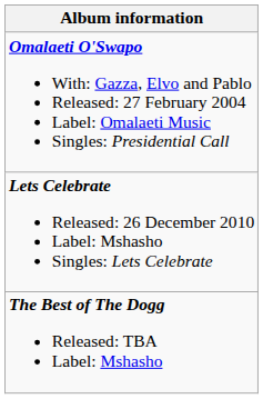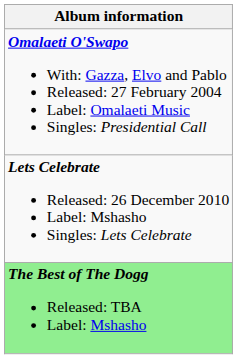 <table class="wikitable">
 <tr>
 <th align="left">Album information</th>
 </tr>
 <tr>
 <td align="left"><strong><em><a href='#'>Omalaeti O'Swapo</a></em></strong><br><ul><li>With: <a href='#'>Gazza</a>, <a href='#'>Elvo</a> and Pablo</li><li>Released: 27 February 2004</li><li>Label: <a href='#'>Omalaeti Music</a></li><li>Singles: <em>Presidential Call</em></li></ul></td>
 </tr>
 <tr>
 <td align="left"><strong><em>Lets Celebrate</em></strong><br><ul><li>Released: 26 December 2010</li><li>Label: Mshasho</li><li>Singles: <em>Lets Celebrate</em></li></ul></td>
 </tr>
 <tr>
-<td align="left"><strong><em>The Best of The Dogg</em></strong><br><ul><li>Released: TBA</li><li>Label: <a href='#'>Mshasho</a></li></ul></td>
+<td align="left" style="background: lightgreen;"><strong><em>The Best of The Dogg</em></strong><br><ul><li>Released: TBA</li><li>Label: <a href='#'>Mshasho</a></li></ul></td>
 </tr>
 </table>
